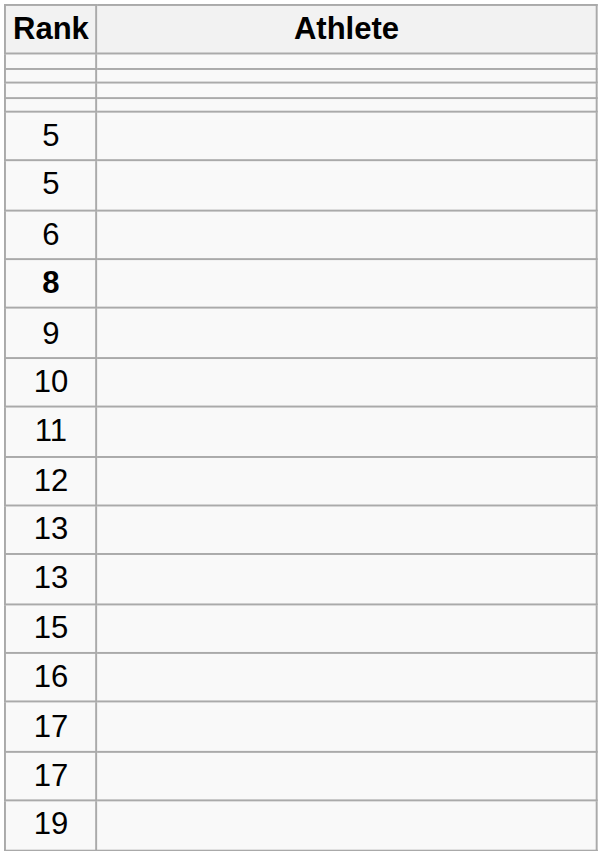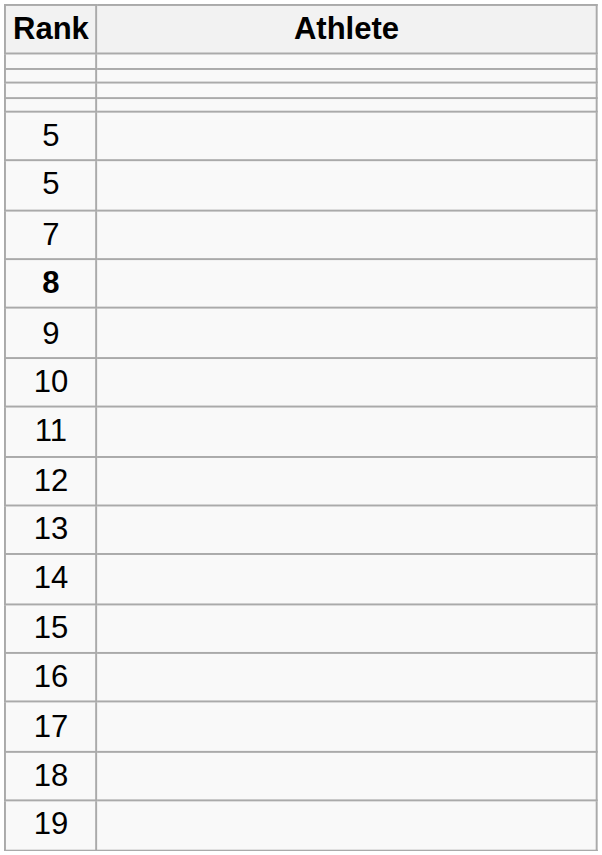 <table class="wikitable" style="text-align: center;">
 <tr>
 <th width=40>Rank</th>
 <th width=250>Athlete</th>
 </tr>
 <tr>
 <td></td>
 <td align="left"></td>
 </tr>
 <tr>
 <td></td>
 <td align="left"></td>
 </tr>
 <tr>
 <td></td>
 <td align="left"></td>
 </tr>
 <tr>
 <td></td>
 <td align="left"></td>
 </tr>
 <tr>
 <td>5</td>
 <td align="left"></td>
 </tr>
 <tr>
 <td>5</td>
 <td align="left"></td>
 </tr>
 <tr>
-<td>6</td>
+<td>7</td>
 <td align="left"></td>
 </tr>
 <tr>
 <td><strong>8</strong></td>
 <td align="left"></td>
 </tr>
 <tr>
 <td>9</td>
 <td align="left"></td>
 </tr>
 <tr>
 <td>10</td>
 <td align="left"></td>
 </tr>
 <tr>
 <td>11</td>
 <td align="left"></td>
 </tr>
 <tr>
 <td>12</td>
 <td align="left"></td>
 </tr>
 <tr>
 <td>13</td>
 <td align="left"></td>
 </tr>
 <tr>
-<td>13</td>
+<td>14</td>
 <td align="left"></td>
 </tr>
 <tr>
 <td>15</td>
 <td align="left"></td>
 </tr>
 <tr>
 <td>16</td>
 <td align="left"></td>
 </tr>
 <tr>
 <td>17</td>
 <td align="left"></td>
 </tr>
 <tr>
-<td>17</td>
+<td>18</td>
 <td align="left"></td>
 </tr>
 <tr>
 <td>19</td>
 <td align="left"></td>
 </tr>
 <tr>
 </tr>
 </table>
